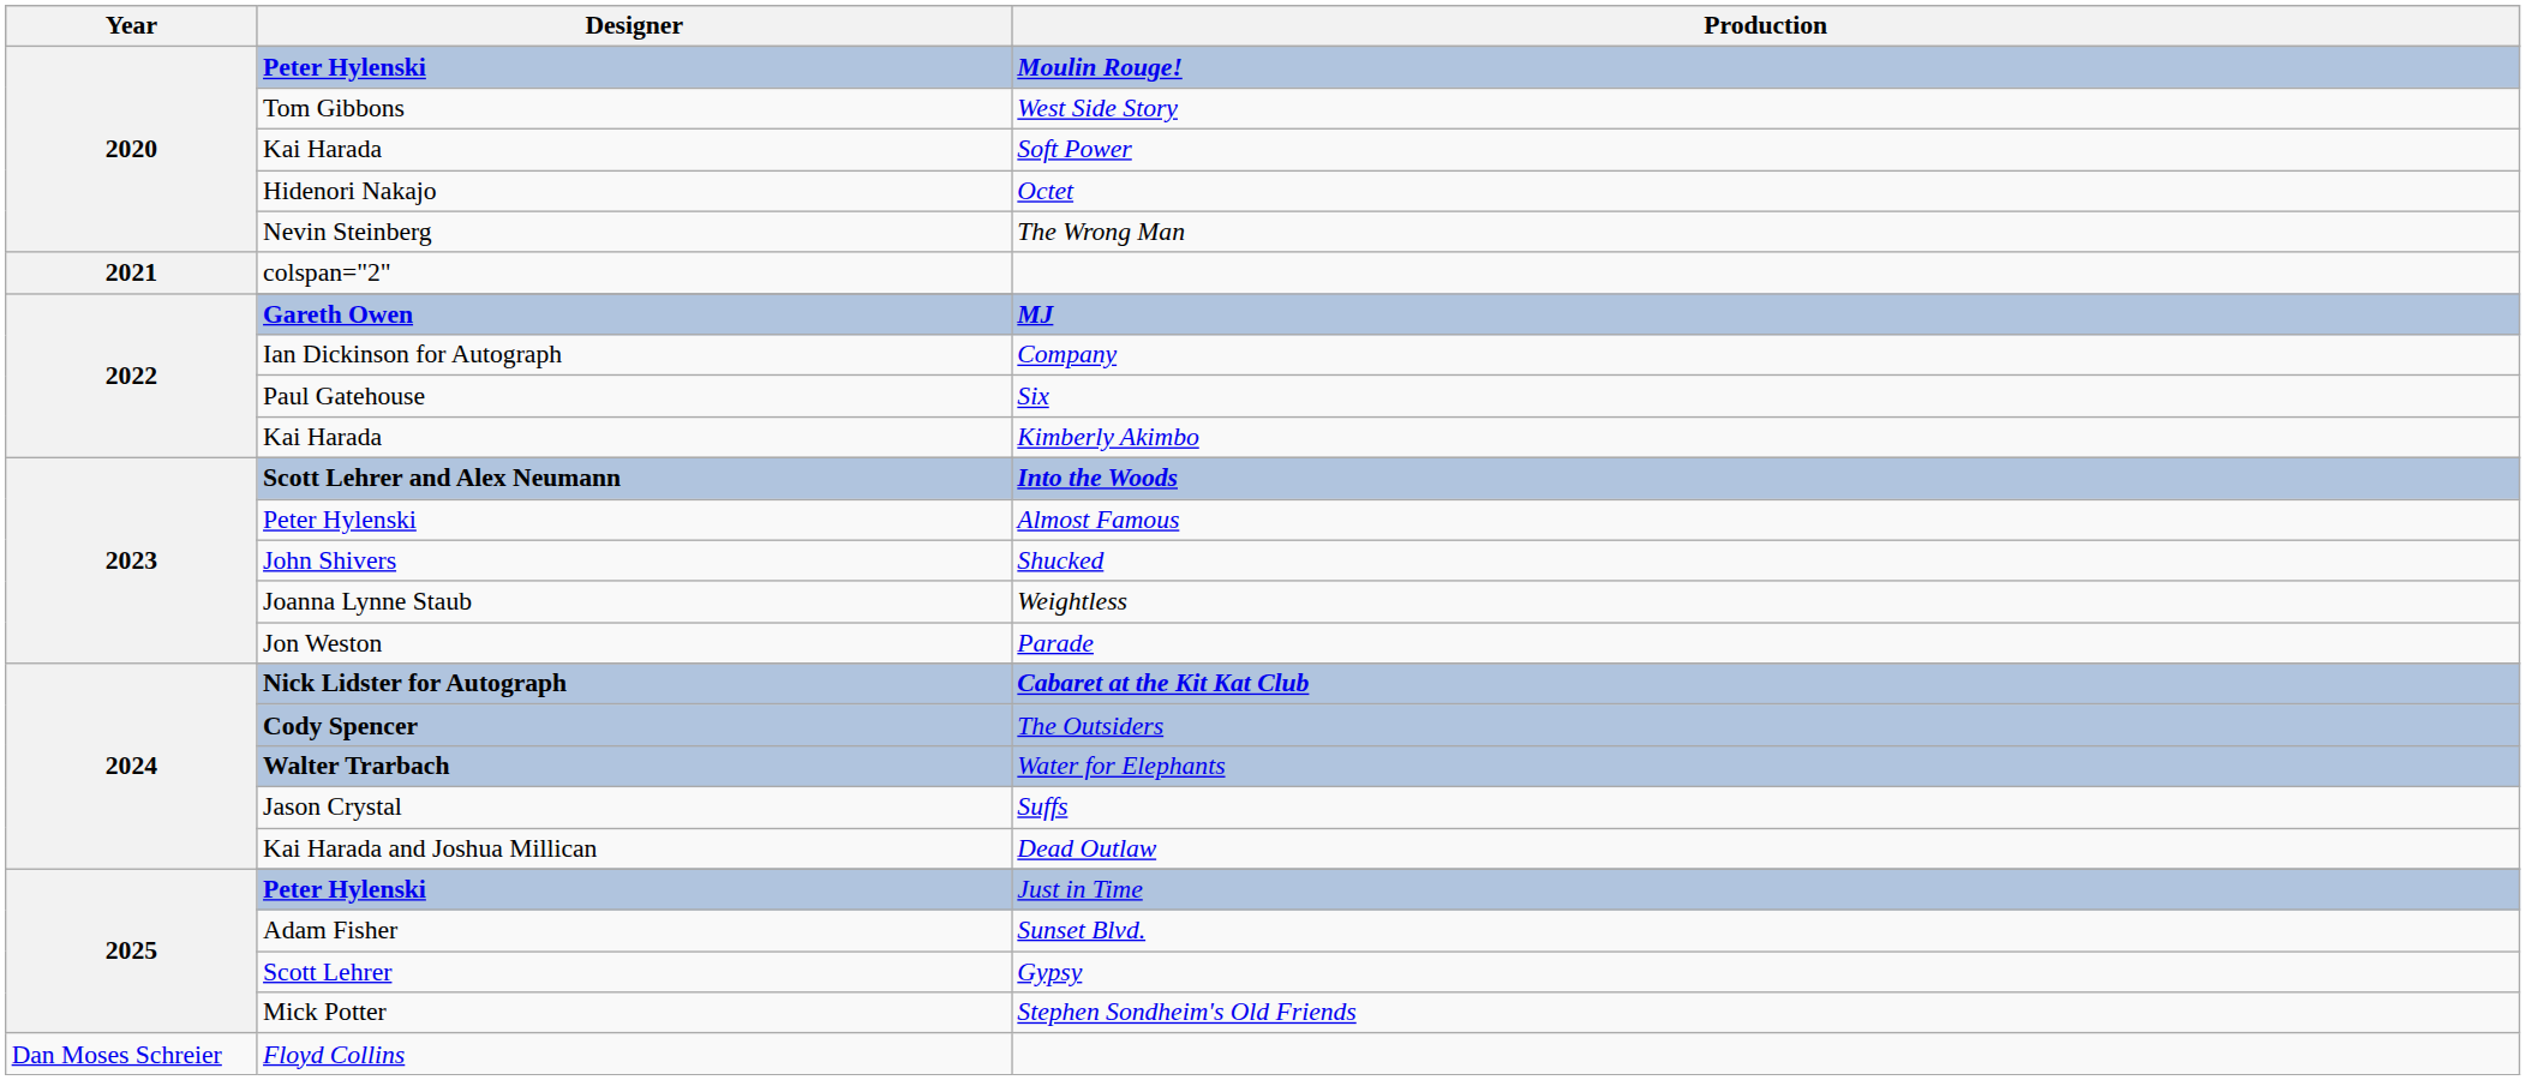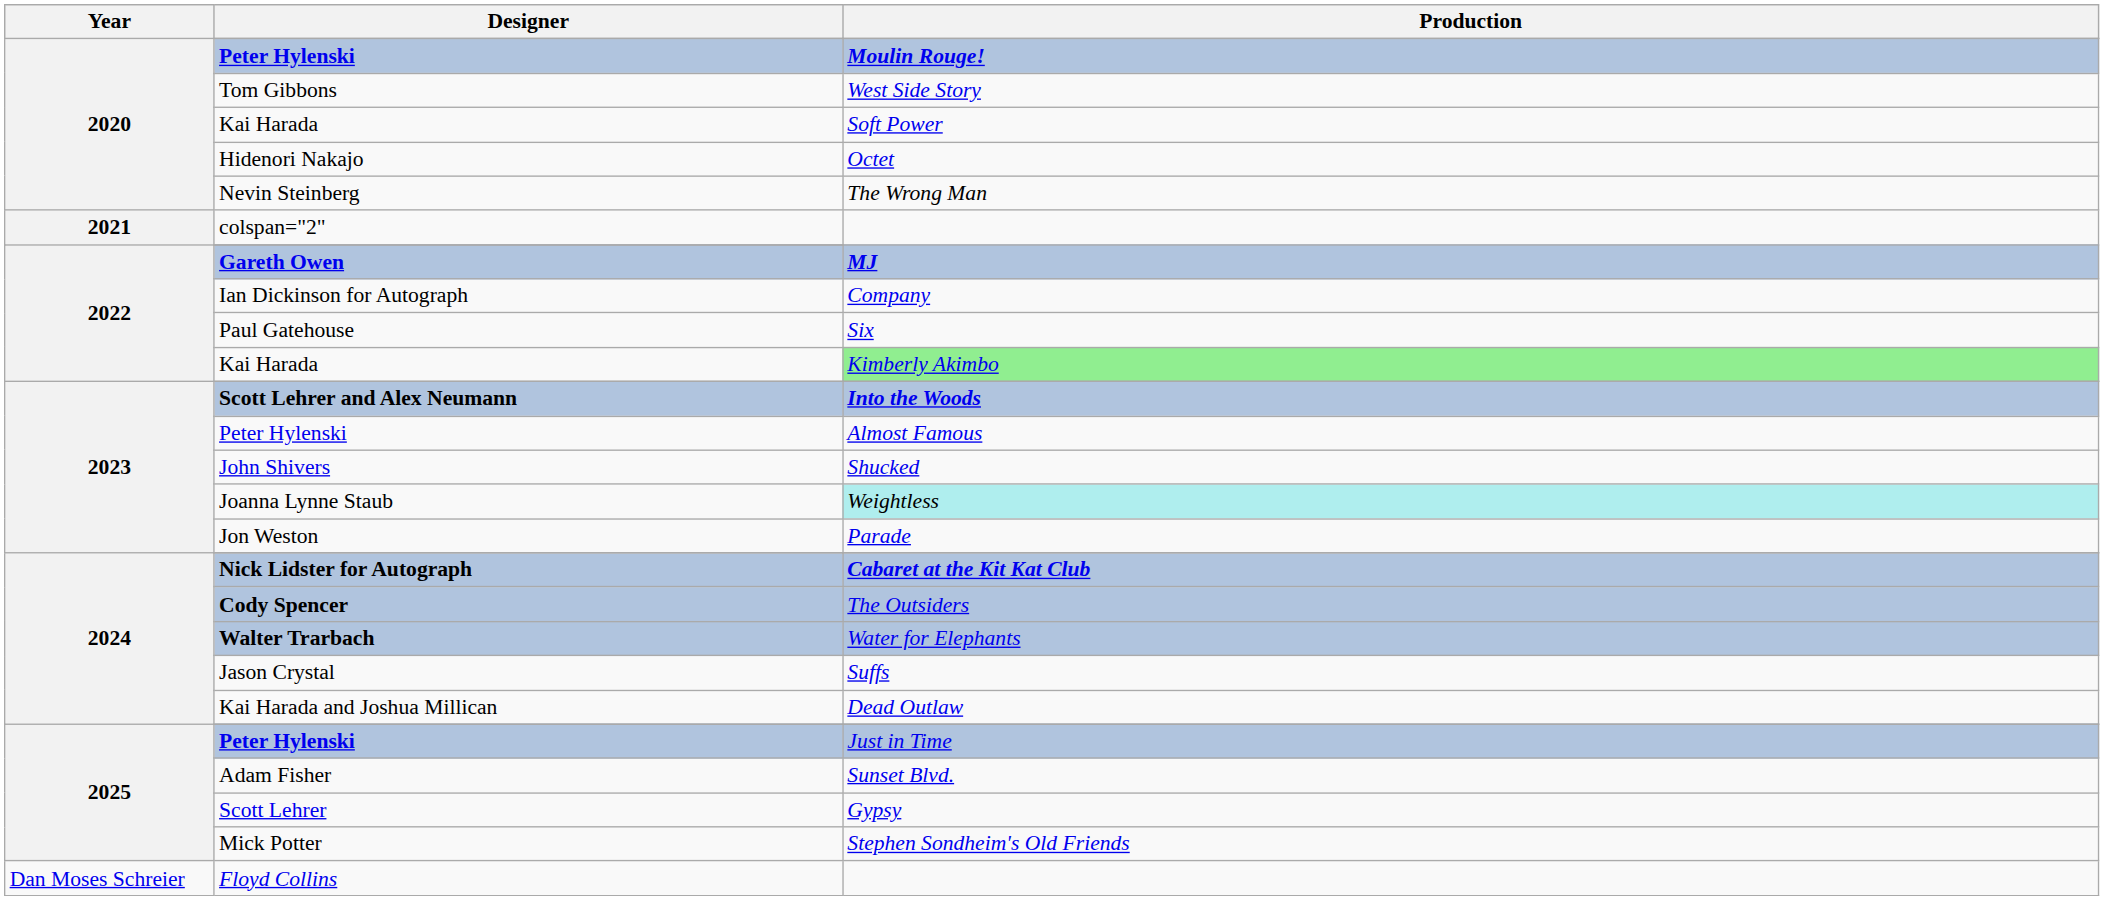 <table class="wikitable" style="width:98%;">
 <tr style="background:#bebebe;">
 <th style="width:10%;">Year</th>
 <th style="width:30%;">Designer</th>
 <th style="width:60%;">Production</th>
 </tr>
 <tr>
 <th rowspan="6">2020</th>
 </tr>
 <tr style="background:#B0C4DE">
 <td><strong><a href='#'>Peter Hylenski</a></strong></td>
 <td><strong><em><a href='#'>Moulin Rouge!</a></em></strong></td>
 </tr>
 <tr>
 <td>Tom Gibbons</td>
 <td><em><a href='#'>West Side Story</a></em></td>
 </tr>
 <tr>
 <td>Kai Harada</td>
 <td><em><a href='#'>Soft Power</a></em></td>
 </tr>
 <tr>
 <td>Hidenori Nakajo</td>
 <td><em><a href='#'>Octet</a></em></td>
 </tr>
 <tr>
 <td>Nevin Steinberg</td>
 <td><em>The Wrong Man</em></td>
 </tr>
 <tr>
 <th>2021</th>
 <td>colspan="2" </td>
 </tr>
 <tr>
 <th rowspan="5">2022</th>
 </tr>
 <tr style="background:#B0C4DE">
 <td><strong><a href='#'>Gareth Owen</a></strong></td>
 <td><strong><em><a href='#'>MJ</a></em></strong></td>
 </tr>
 <tr>
 <td>Ian Dickinson for Autograph</td>
 <td><em><a href='#'>Company</a></em></td>
 </tr>
 <tr>
 <td>Paul Gatehouse</td>
 <td><em><a href='#'>Six</a></em></td>
 </tr>
 <tr>
 <td>Kai Harada</td>
-<td><em><a href='#'>Kimberly Akimbo</a></em></td>
+<td style="background: lightgreen;"><em><a href='#'>Kimberly Akimbo</a></em></td>
 </tr>
 <tr>
 <th rowspan="6">2023</th>
 </tr>
 <tr style="background:#B0C4DE">
 <td><strong>Scott Lehrer and Alex Neumann</strong></td>
 <td><strong><em><a href='#'>Into the Woods</a></em></strong></td>
 </tr>
 <tr>
 <td><a href='#'>Peter Hylenski</a></td>
 <td><em><a href='#'>Almost Famous</a></em></td>
 </tr>
 <tr>
 <td><a href='#'>John Shivers</a></td>
 <td><em><a href='#'>Shucked</a></em></td>
 </tr>
 <tr>
 <td>Joanna Lynne Staub</td>
-<td><em>Weightless</em></td>
+<td style="background: paleturquoise;"><em>Weightless</em></td>
 </tr>
 <tr>
 <td>Jon Weston</td>
 <td><em><a href='#'>Parade</a></em></td>
 </tr>
 <tr>
 <th rowspan="6">2024</th>
 </tr>
 <tr style="background:#B0C4DE">
 <td><strong>Nick Lidster for Autograph</strong></td>
 <td><strong><em><a href='#'>Cabaret at the Kit Kat Club</a></em></strong></td>
 </tr>
 <tr style="background:#B0C4DE">
 <td><strong>Cody Spencer</strong></td>
 <td><em><a href='#'>The Outsiders</a></em></td>
 </tr>
 <tr style="background:#B0C4DE">
 <td><strong>Walter Trarbach</strong></td>
 <td><em><a href='#'>Water for Elephants</a></em></td>
 </tr>
 <tr>
 <td>Jason Crystal</td>
 <td><em><a href='#'>Suffs</a></em></td>
 </tr>
 <tr>
 <td>Kai Harada and Joshua Millican</td>
 <td><em><a href='#'>Dead Outlaw</a></em></td>
 </tr>
 <tr>
 <th rowspan="5">2025</th>
 </tr>
 <tr style="background:#B0C4DE">
 <td><strong><a href='#'>Peter Hylenski</a></strong></td>
 <td><em><a href='#'>Just in Time</a></em></td>
 </tr>
 <tr>
 <td>Adam Fisher</td>
 <td><em><a href='#'>Sunset Blvd.</a></em></td>
 </tr>
 <tr>
 <td><a href='#'>Scott Lehrer</a></td>
 <td><em><a href='#'>Gypsy</a></em></td>
 </tr>
 <tr>
 <td>Mick Potter</td>
 <td><em><a href='#'>Stephen Sondheim's Old Friends</a></em></td>
 </tr>
 <tr>
 <td><a href='#'>Dan Moses Schreier</a></td>
 <td><em><a href='#'>Floyd Collins</a></em></td>
 </tr>
 </table>
